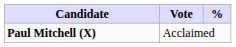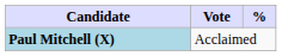 <table class="wikitable">
 <tr>
 <th style="background:#ddf; width:200px;">Candidate</th>
 <th style="background:#ddf; width:50px;">Vote</th>
 <th style="background:#ddf; width:30px;">%</th>
 </tr>
 <tr>
-<td><strong>Paul Mitchell (X)</strong></td>
+<td style="background: lightblue;"><strong>Paul Mitchell (X)</strong></td>
 <td colspan="2">Acclaimed</td>
 </tr>
 </table>
